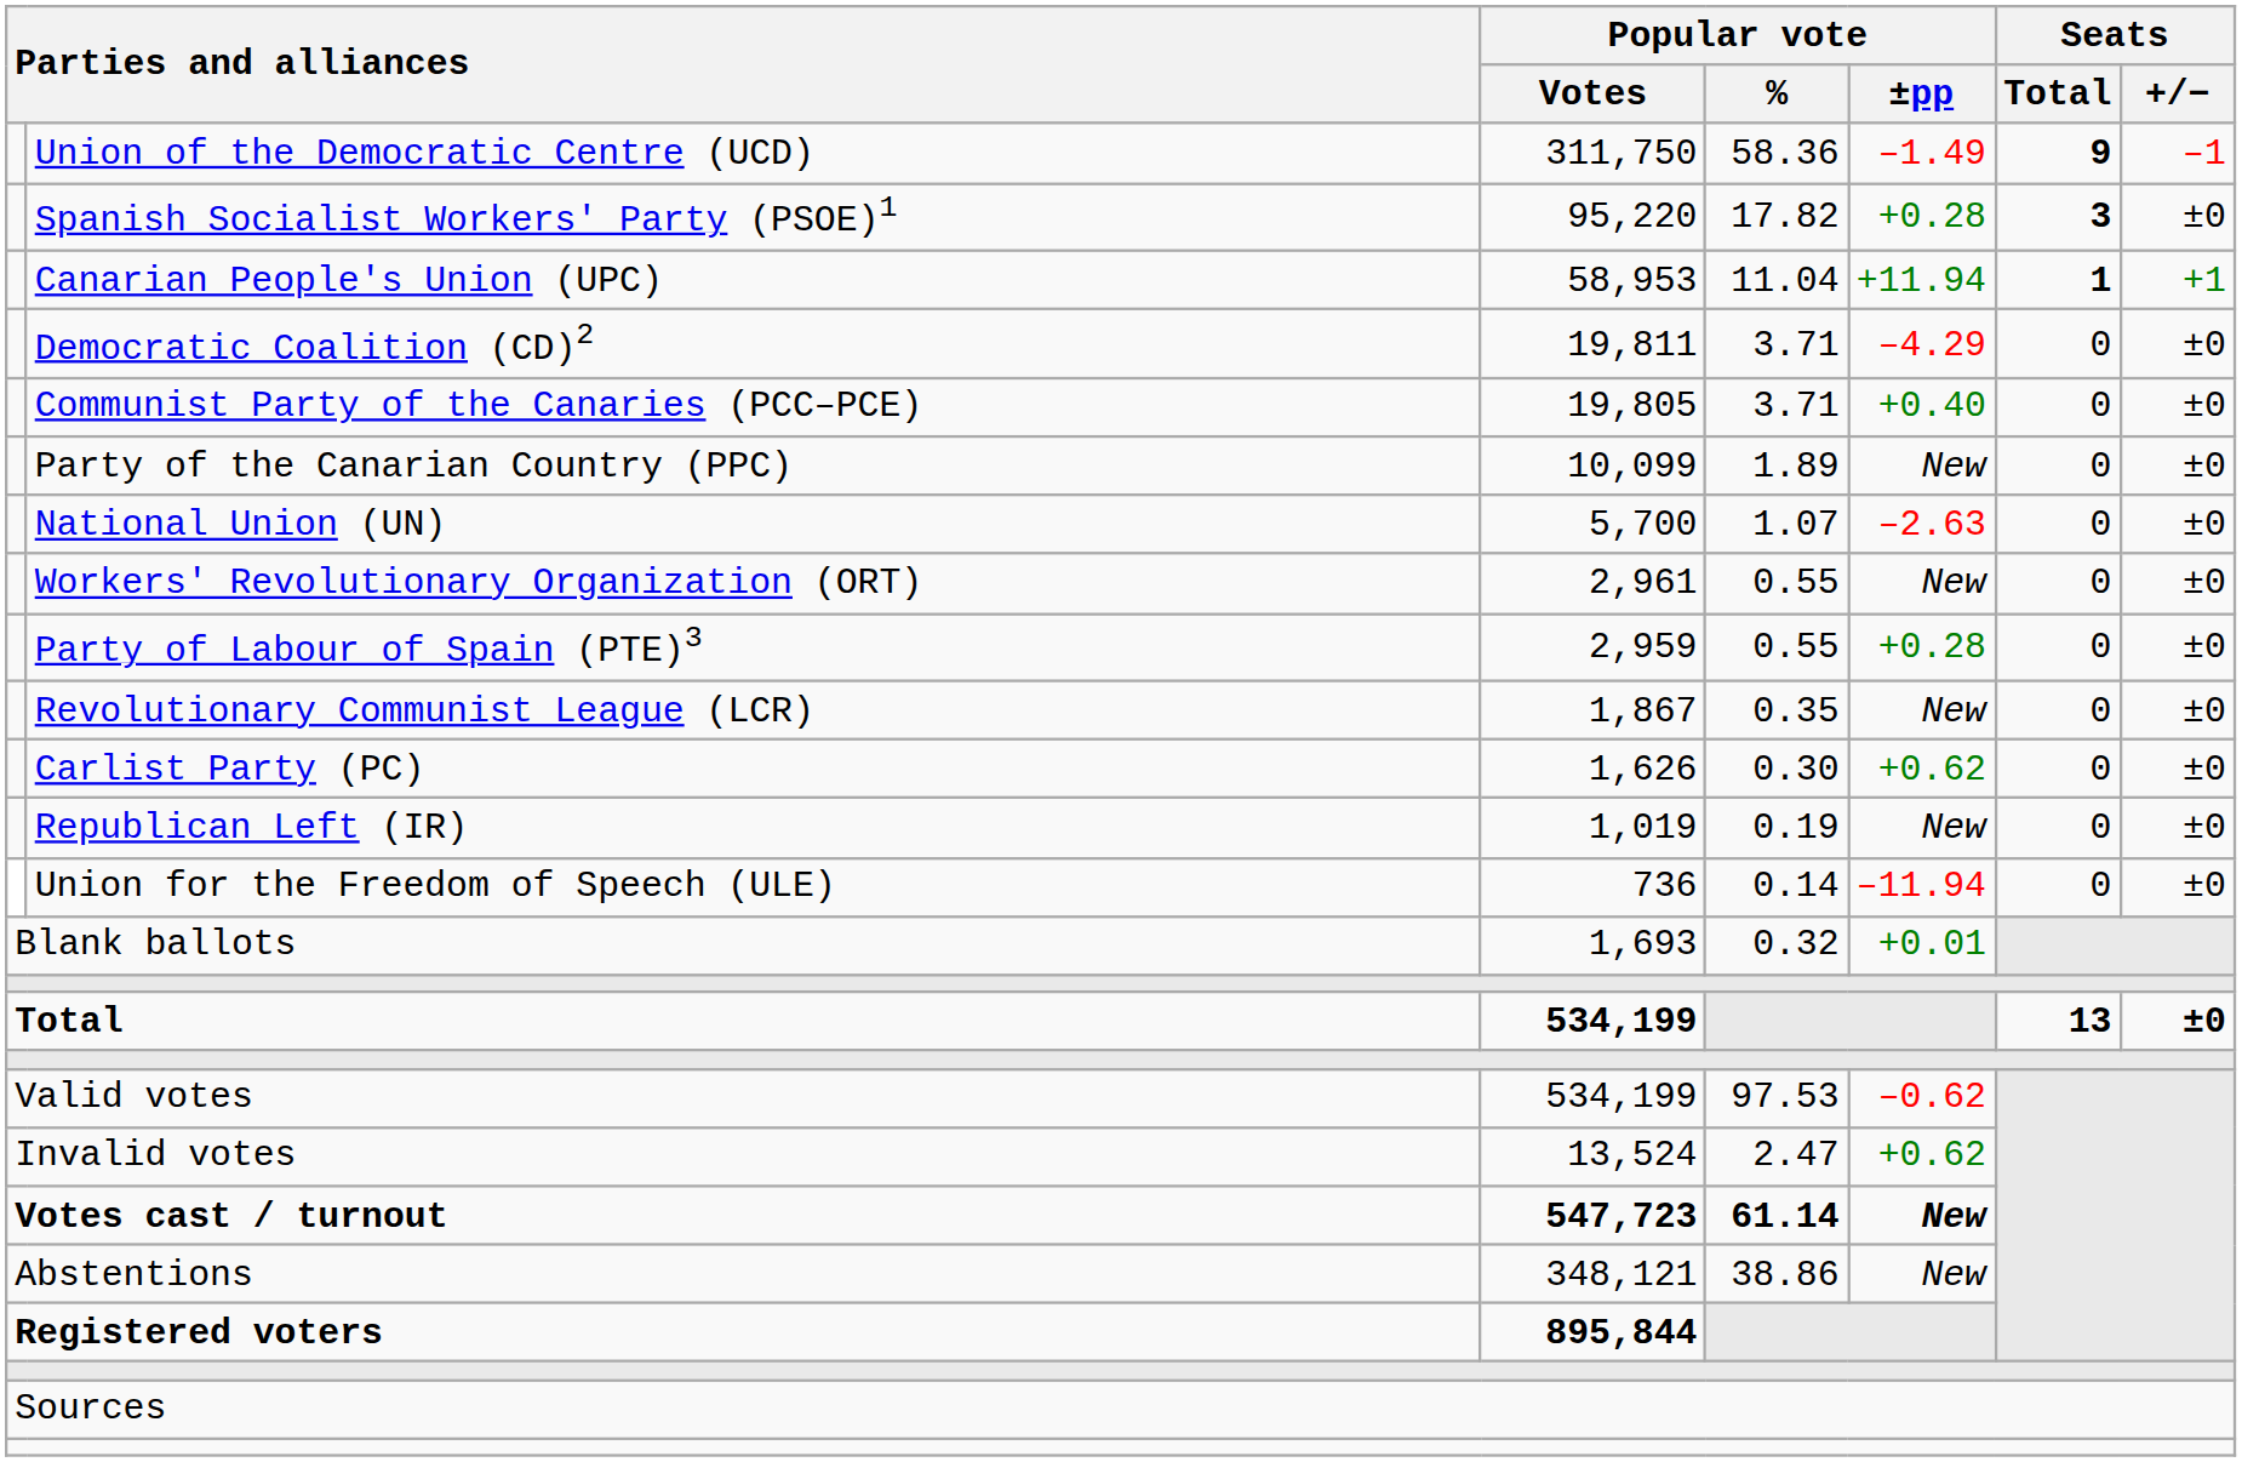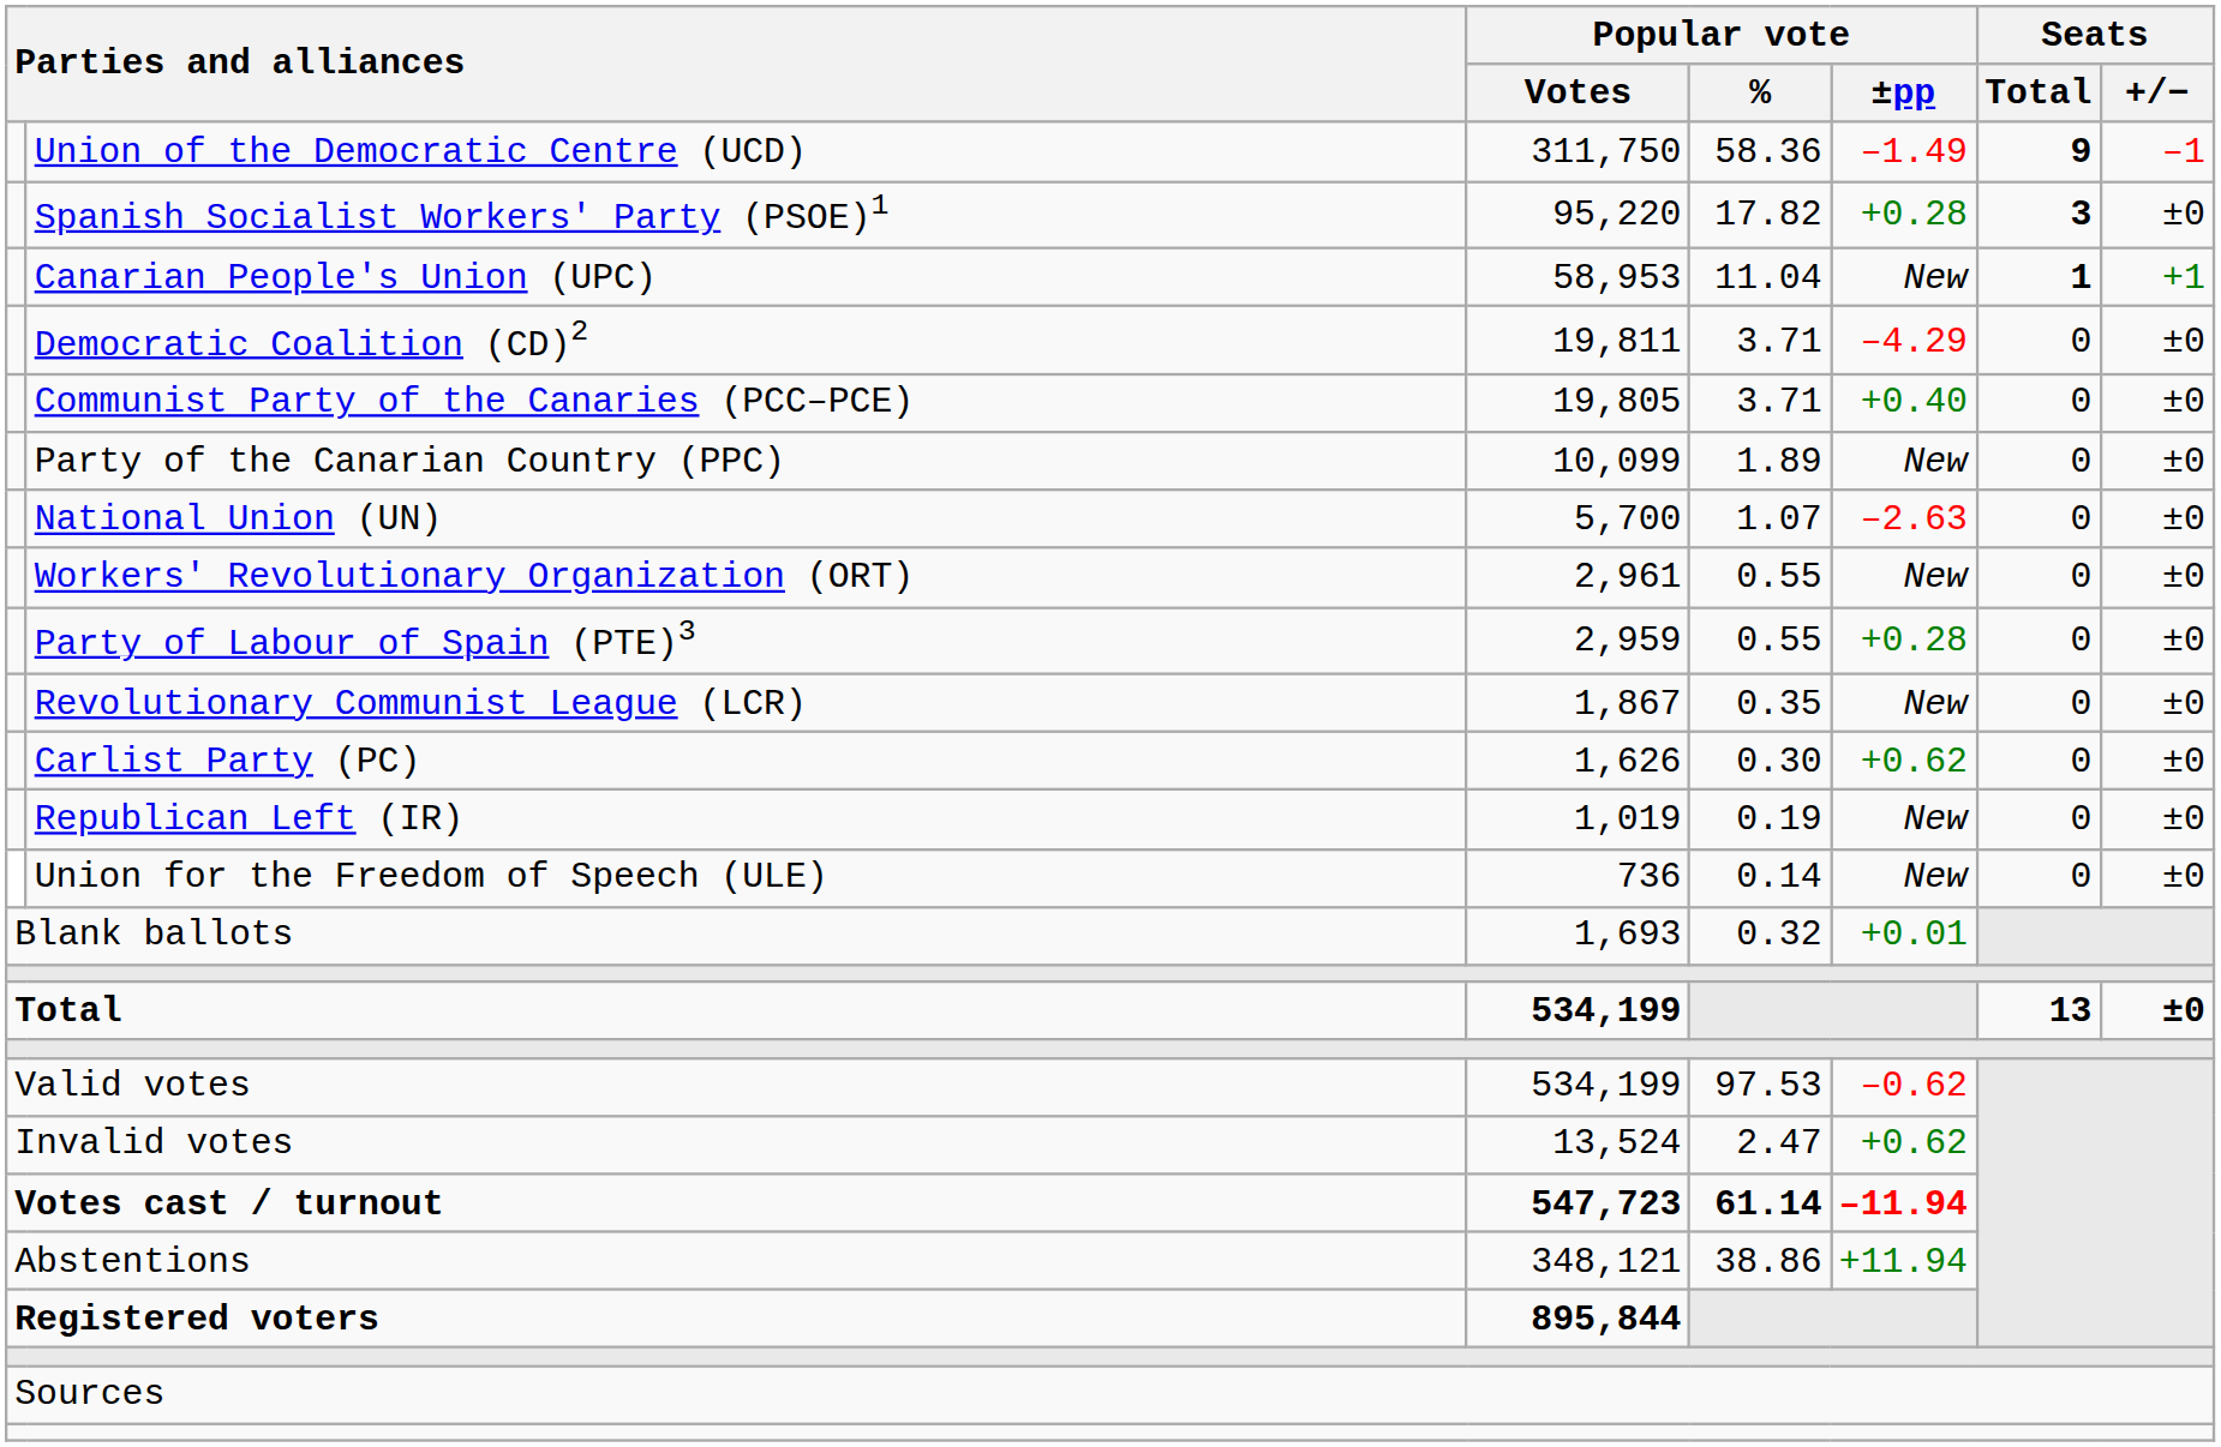 <table class="wikitable" style="text-align:right;">
 <tr>
 <th style="text-align:left;" rowspan="2" colspan="2" width="525">Parties and alliances</th>
 <th colspan="3">Popular vote</th>
 <th colspan="2">Seats</th>
 </tr>
 <tr>
 <th width="75">Votes</th>
 <th width="45">%</th>
 <th width="45">±<a href='#'>pp</a></th>
 <th width="35">Total</th>
 <th width="35">+/−</th>
 </tr>
 <tr>
 <td width="1" style="color:inherit;background:"></td>
 <td align="left"><a href='#'>Union of the Democratic Centre</a> (UCD)</td>
 <td>311,750</td>
 <td>58.36</td>
 <td style="color:red;">–1.49</td>
 <td><strong>9</strong></td>
 <td style="color:red;">–1</td>
 </tr>
 <tr>
 <td style="color:inherit;background:"></td>
 <td align="left"><a href='#'>Spanish Socialist Workers' Party</a> (PSOE)<sup>1</sup></td>
 <td>95,220</td>
 <td>17.82</td>
 <td style="color:green;">+0.28</td>
 <td><strong>3</strong></td>
 <td>±0</td>
 </tr>
 <tr>
 <td style="color:inherit;background:"></td>
 <td align="left"><a href='#'>Canarian People's Union</a> (UPC)</td>
 <td>58,953</td>
 <td>11.04</td>
-<td style="color:green;">+11.94</td>
+<td><em>New</em></td>
 <td><strong>1</strong></td>
 <td style="color:green;">+1</td>
 </tr>
 <tr>
 <td style="color:inherit;background:"></td>
 <td align="left"><a href='#'>Democratic Coalition</a> (CD)<sup>2</sup></td>
 <td>19,811</td>
 <td>3.71</td>
 <td style="color:red;">–4.29</td>
 <td>0</td>
 <td>±0</td>
 </tr>
 <tr>
 <td style="color:inherit;background:"></td>
 <td align="left"><a href='#'>Communist Party of the Canaries</a> (PCC–PCE)</td>
 <td>19,805</td>
 <td>3.71</td>
 <td style="color:green;">+0.40</td>
 <td>0</td>
 <td>±0</td>
 </tr>
 <tr>
 <td style="color:inherit;background:"></td>
 <td align="left">Party of the Canarian Country (PPC)</td>
 <td>10,099</td>
 <td>1.89</td>
 <td><em>New</em></td>
 <td>0</td>
 <td>±0</td>
 </tr>
 <tr>
 <td style="color:inherit;background:"></td>
 <td align="left"><a href='#'>National Union</a> (UN)</td>
 <td>5,700</td>
 <td>1.07</td>
 <td style="color:red;">–2.63</td>
 <td>0</td>
 <td>±0</td>
 </tr>
 <tr>
 <td style="color:inherit;background:"></td>
 <td align="left"><a href='#'>Workers' Revolutionary Organization</a> (ORT)</td>
 <td>2,961</td>
 <td>0.55</td>
 <td><em>New</em></td>
 <td>0</td>
 <td>±0</td>
 </tr>
 <tr>
 <td style="color:inherit;background:"></td>
 <td align="left"><a href='#'>Party of Labour of Spain</a> (PTE)<sup>3</sup></td>
 <td>2,959</td>
 <td>0.55</td>
 <td style="color:green;">+0.28</td>
 <td>0</td>
 <td>±0</td>
 </tr>
 <tr>
 <td style="color:inherit;background:"></td>
 <td align="left"><a href='#'>Revolutionary Communist League</a> (LCR)</td>
 <td>1,867</td>
 <td>0.35</td>
 <td><em>New</em></td>
 <td>0</td>
 <td>±0</td>
 </tr>
 <tr>
 <td style="color:inherit;background:"></td>
 <td align="left"><a href='#'>Carlist Party</a> (PC)</td>
 <td>1,626</td>
 <td>0.30</td>
 <td style="color:green;">+0.62</td>
 <td>0</td>
 <td>±0</td>
 </tr>
 <tr>
 <td style="color:inherit;background:"></td>
 <td align="left"><a href='#'>Republican Left</a> (IR)</td>
 <td>1,019</td>
 <td>0.19</td>
 <td><em>New</em></td>
 <td>0</td>
 <td>±0</td>
 </tr>
 <tr>
 <td bgcolor="white"></td>
 <td align="left">Union for the Freedom of Speech (ULE)</td>
 <td>736</td>
 <td>0.14</td>
-<td style="color:red;">–11.94</td>
+<td><em>New</em></td>
 <td>0</td>
 <td>±0</td>
 </tr>
 <tr>
 <td align="left" colspan="2">Blank ballots</td>
 <td>1,693</td>
 <td>0.32</td>
 <td style="color:green;">+0.01</td>
 <td bgcolor="#E9E9E9" colspan="2"></td>
 </tr>
 <tr>
 <td colspan="7" bgcolor="#E9E9E9"></td>
 </tr>
 <tr style="font-weight:bold;">
 <td align="left" colspan="2">Total</td>
 <td>534,199</td>
 <td bgcolor="#E9E9E9" colspan="2"></td>
 <td>13</td>
 <td>±0</td>
 </tr>
 <tr>
 <td colspan="7" bgcolor="#E9E9E9"></td>
 </tr>
 <tr>
 <td align="left" colspan="2">Valid votes</td>
 <td>534,199</td>
 <td>97.53</td>
 <td style="color:red;">–0.62</td>
 <td bgcolor="#E9E9E9" colspan="2" rowspan="5"></td>
 </tr>
 <tr>
 <td align="left" colspan="2">Invalid votes</td>
 <td>13,524</td>
 <td>2.47</td>
 <td style="color:green;">+0.62</td>
 </tr>
 <tr style="font-weight:bold;">
 <td align="left" colspan="2">Votes cast / turnout</td>
 <td>547,723</td>
 <td>61.14</td>
-<td><em>New</em></td>
+<td style="color:red;">–11.94</td>
 </tr>
 <tr>
 <td align="left" colspan="2">Abstentions</td>
 <td>348,121</td>
 <td>38.86</td>
-<td><em>New</em></td>
+<td style="color:green;">+11.94</td>
 </tr>
 <tr style="font-weight:bold;">
 <td align="left" colspan="2">Registered voters</td>
 <td>895,844</td>
 <td bgcolor="#E9E9E9" colspan="2"></td>
 </tr>
 <tr>
 <td colspan="7" bgcolor="#E9E9E9"></td>
 </tr>
 <tr>
 <td align="left" colspan="7">Sources</td>
 </tr>
 <tr>
 <td colspan="7" style="text-align:left; max-width:790px;"></td>
 </tr>
 </table>
